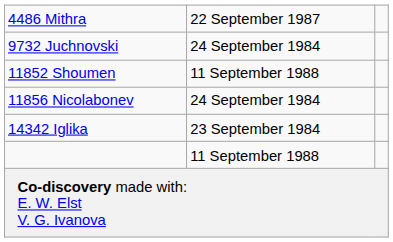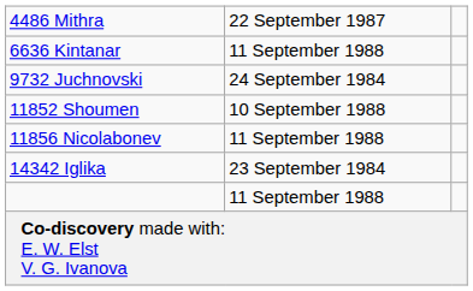 <table class="wikitable" style="font-size: 89%; float: left; width: 26em; margin-right: 1em; height: 224px;">
 <tr>
 <td><a href='#'>4486 Mithra</a></td>
 <td>22 September 1987</td>
 <td> </td>
+</tr>
+<tr>
+<td><a href='#'>6636 Kintanar</a></td>
+<td>11 September 1988</td>
+<td></td>
 </tr>
 <tr>
 <td><a href='#'>9732 Juchnovski</a></td>
 <td>24 September 1984</td>
 <td> </td>
 </tr>
 <tr>
 <td><a href='#'>11852 Shoumen</a></td>
-<td>11 September 1988</td>
+<td>10 September 1988</td>
 <td> </td>
 </tr>
 <tr>
 <td><a href='#'>11856 Nicolabonev</a></td>
-<td>24 September 1984</td>
+<td>11 September 1988</td>
 <td> </td>
 </tr>
 <tr>
 <td><a href='#'>14342 Iglika</a></td>
 <td>23 September 1984</td>
 <td> </td>
 </tr>
 <tr>
 <td></td>
 <td>11 September 1988</td>
 <td></td>
 </tr>
 <tr>
 <th colspan=3 style="font-weight: normal; text-align: left; padding: 4px 12px;"><strong>Co-discovery</strong> made with:<br> <a href='#'>E. W. Elst</a><br> <a href='#'>V. G. Ivanova</a></th>
 </tr>
 </table>
